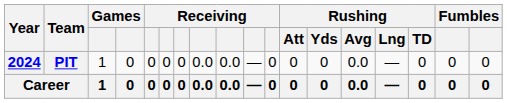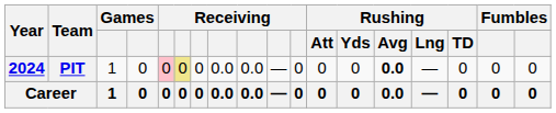 <table class="wikitable" style="text-align:center;">
 <tr>
 <th rowspan="2">Year</th>
 <th rowspan="2">Team</th>
 <th colspan="2">Games</th>
 <th colspan="7">Receiving</th>
 <th colspan="5">Rushing</th>
 <th colspan="2">Fumbles</th>
 </tr>
 <tr>
 <th></th>
 <th></th>
 <th></th>
 <th></th>
 <th></th>
 <th></th>
 <th></th>
 <th></th>
 <th></th>
 <th>Att</th>
 <th>Yds</th>
 <th>Avg</th>
 <th>Lng</th>
 <th>TD</th>
 <th></th>
 <th></th>
 </tr>
 <tr>
 <th><a href='#'>2024</a></th>
 <th><a href='#'>PIT</a></th>
 <td>1</td>
 <td>0</td>
-<td>0</td>
-<td>0</td>
+<td style="background: pink;">0</td>
+<td style="background: khaki;">0</td>
 <td>0</td>
 <td>0.0</td>
 <td>0.0</td>
 <td>—</td>
 <td>0</td>
 <td>0</td>
 <td>0</td>
-<td>0.0</td>
+<td><strong>0.0</strong></td>
 <td>—</td>
 <td>0</td>
 <td>0</td>
 <td>0</td>
 </tr>
 <tr>
 <th colspan="2">Career</th>
 <th>1</th>
 <th>0</th>
 <th>0</th>
 <th>0</th>
 <th>0</th>
 <th>0.0</th>
 <th>0.0</th>
 <th>—</th>
 <th>0</th>
 <th>0</th>
 <th>0</th>
 <th>0.0</th>
 <th>—</th>
 <th>0</th>
 <th>0</th>
 <th>0</th>
 </tr>
 </table>
